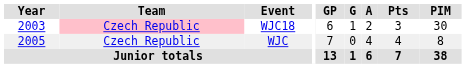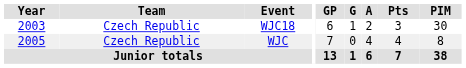 <table border="0" cellpadding="1" cellspacing="0" ID="Table3" style="text-align:center; width:40em">
 <tr ALIGN="center" bgcolor="#e0e0e0">
 <th>Year</th>
 <th>Team</th>
 <th>Event</th>
 <th rowspan="99" bgcolor="#ffffff"></th>
 <th>GP</th>
 <th>G</th>
 <th>A</th>
 <th>Pts</th>
 <th>PIM</th>
 </tr>
 <tr>
 <td><a href='#'>2003</a></td>
-<td style="background: pink;"><a href='#'>Czech Republic</a></td>
+<td><a href='#'>Czech Republic</a></td>
 <td><a href='#'>WJC18</a></td>
 <td>6</td>
 <td>1</td>
 <td>2</td>
 <td>3</td>
 <td>30</td>
 </tr>
 <tr bgcolor="#f0f0f0">
 <td><a href='#'>2005</a></td>
 <td><a href='#'>Czech Republic</a></td>
 <td><a href='#'>WJC</a></td>
 <td>7</td>
 <td>0</td>
 <td>4</td>
 <td>4</td>
 <td>8</td>
 </tr>
 <tr bgcolor="#e0e0e0">
 <th colspan="3">Junior totals</th>
 <th>13</th>
 <th>1</th>
 <th>6</th>
 <th>7</th>
 <th>38</th>
 </tr>
 </table>
